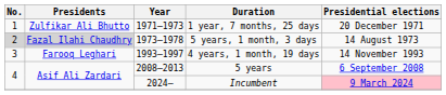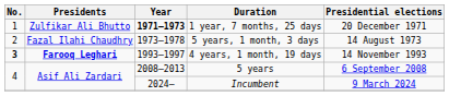 <table class="sortable wikitable">
 <tr>
 <th>No.</th>
 <th>Presidents</th>
 <th>Year</th>
 <th>Duration</th>
 <th>Presidential elections</th>
 </tr>
 <tr style="vertical-align: middle; text-align: center;">
 <td>1</td>
 <td><a href='#'>Zulfikar Ali Bhutto</a></td>
-<td>1971–1973</td>
+<td><strong>1971–1973</strong></td>
 <td>1 year, 7 months, 25 days</td>
 <td>20 December 1971</td>
 </tr>
 <tr style="vertical-align: middle; text-align: center;">
-<td style="background: lightgrey;">2</td>
-<td style="background: lightgrey;"><a href='#'>Fazal Ilahi Chaudhry</a></td>
+<td>2</td>
+<td><a href='#'>Fazal Ilahi Chaudhry</a></td>
 <td>1973–1978</td>
 <td>5 years, 1 month, 3 days</td>
 <td>14 August 1973</td>
 </tr>
 <tr style="vertical-align: middle; text-align: center;">
-<td>3</td>
-<td><a href='#'>Farooq Leghari</a></td>
+<td><strong>3</strong></td>
+<td><strong><a href='#'>Farooq Leghari</a></strong></td>
 <td>1993–1997</td>
 <td>4 years, 1 month, 19 days</td>
 <td>14 November 1993</td>
 </tr>
 <tr style="vertical-align: middle; text-align: center;">
 <td rowspan=2>4</td>
 <td rowspan=2><a href='#'>Asif Ali Zardari</a></td>
 <td>2008–2013</td>
 <td>5 years</td>
 <td><a href='#'>6 September 2008</a></td>
 </tr>
 <tr style="vertical-align: middle; text-align: center;">
 <td>2024–</td>
 <td><em>Incumbent</em></td>
-<td style="background: pink;"><a href='#'>9 March 2024</a></td>
+<td><a href='#'>9 March 2024</a></td>
 </tr>
 <tr style="vertical-align: middle; text-align: center;">
 </tr>
 </table>
